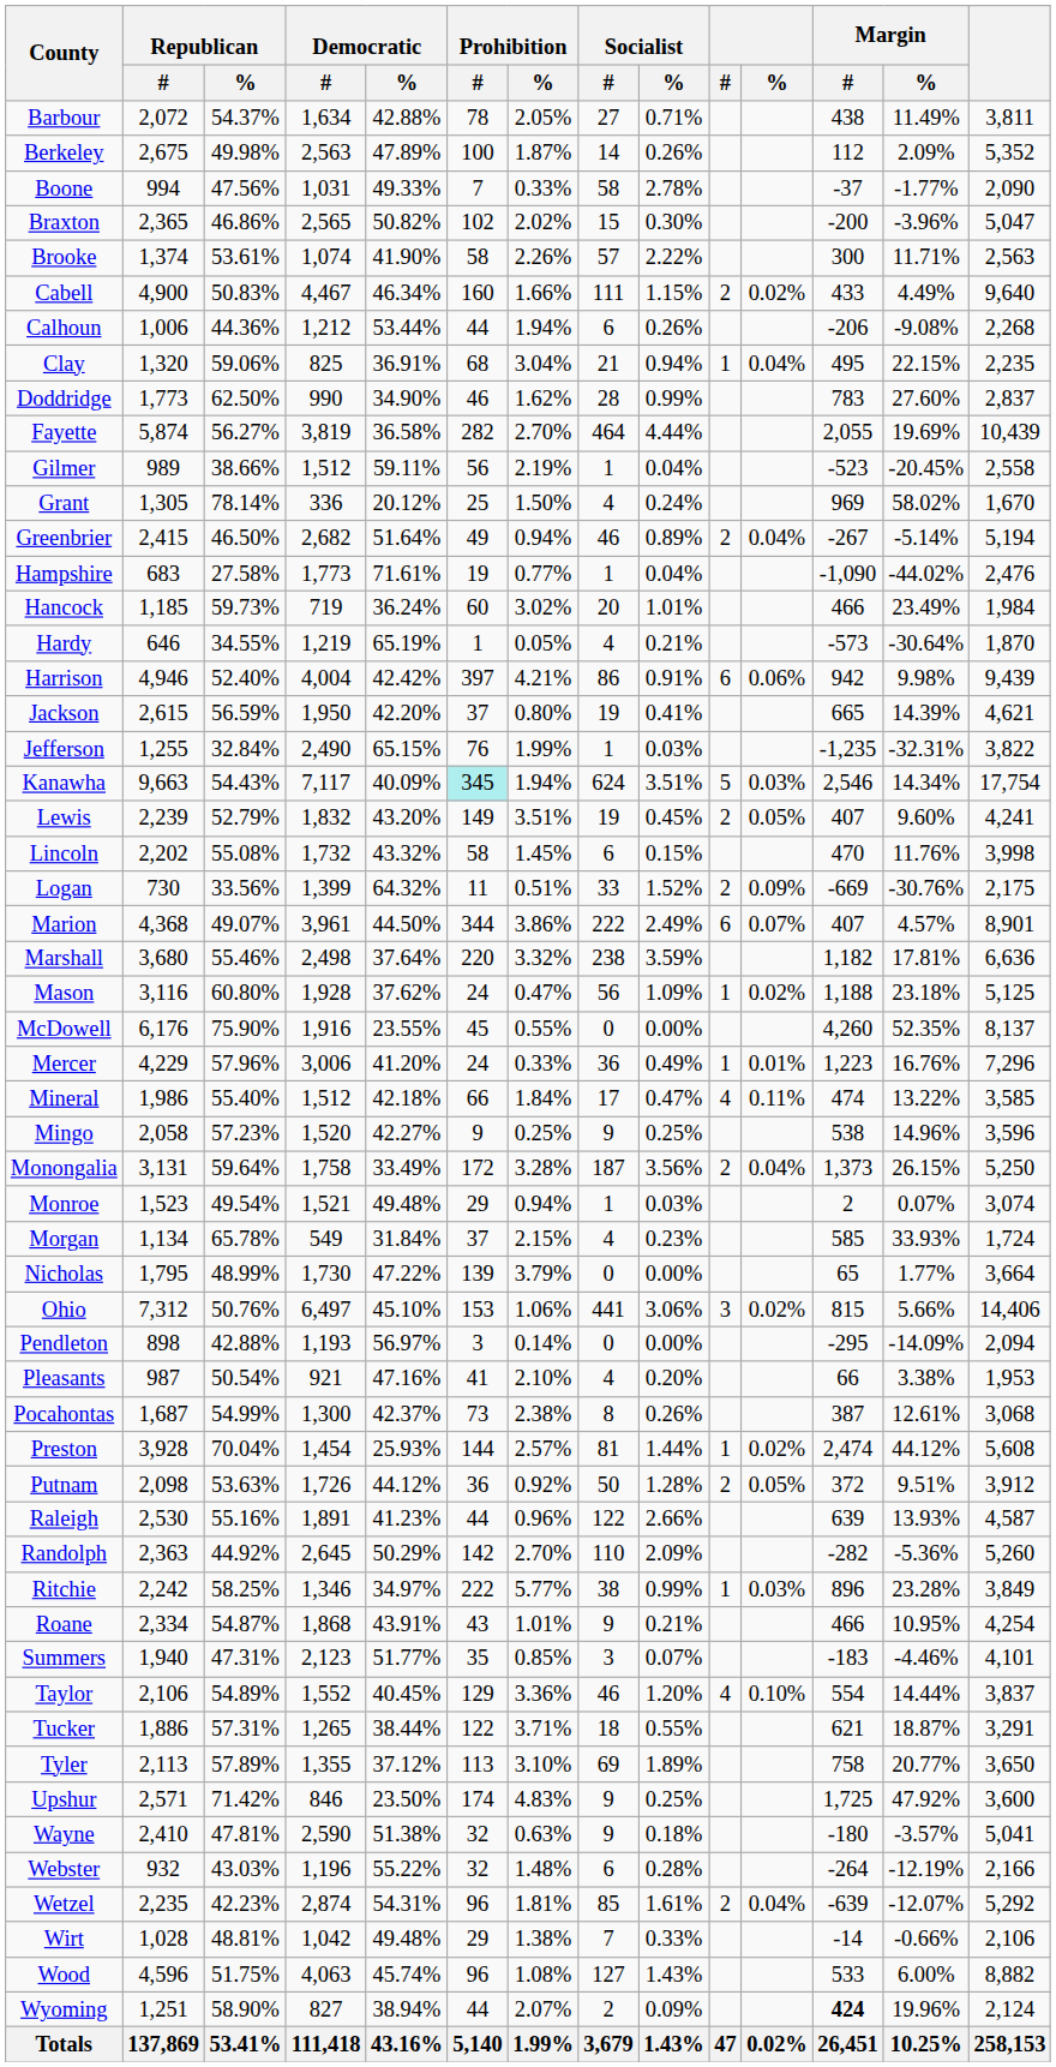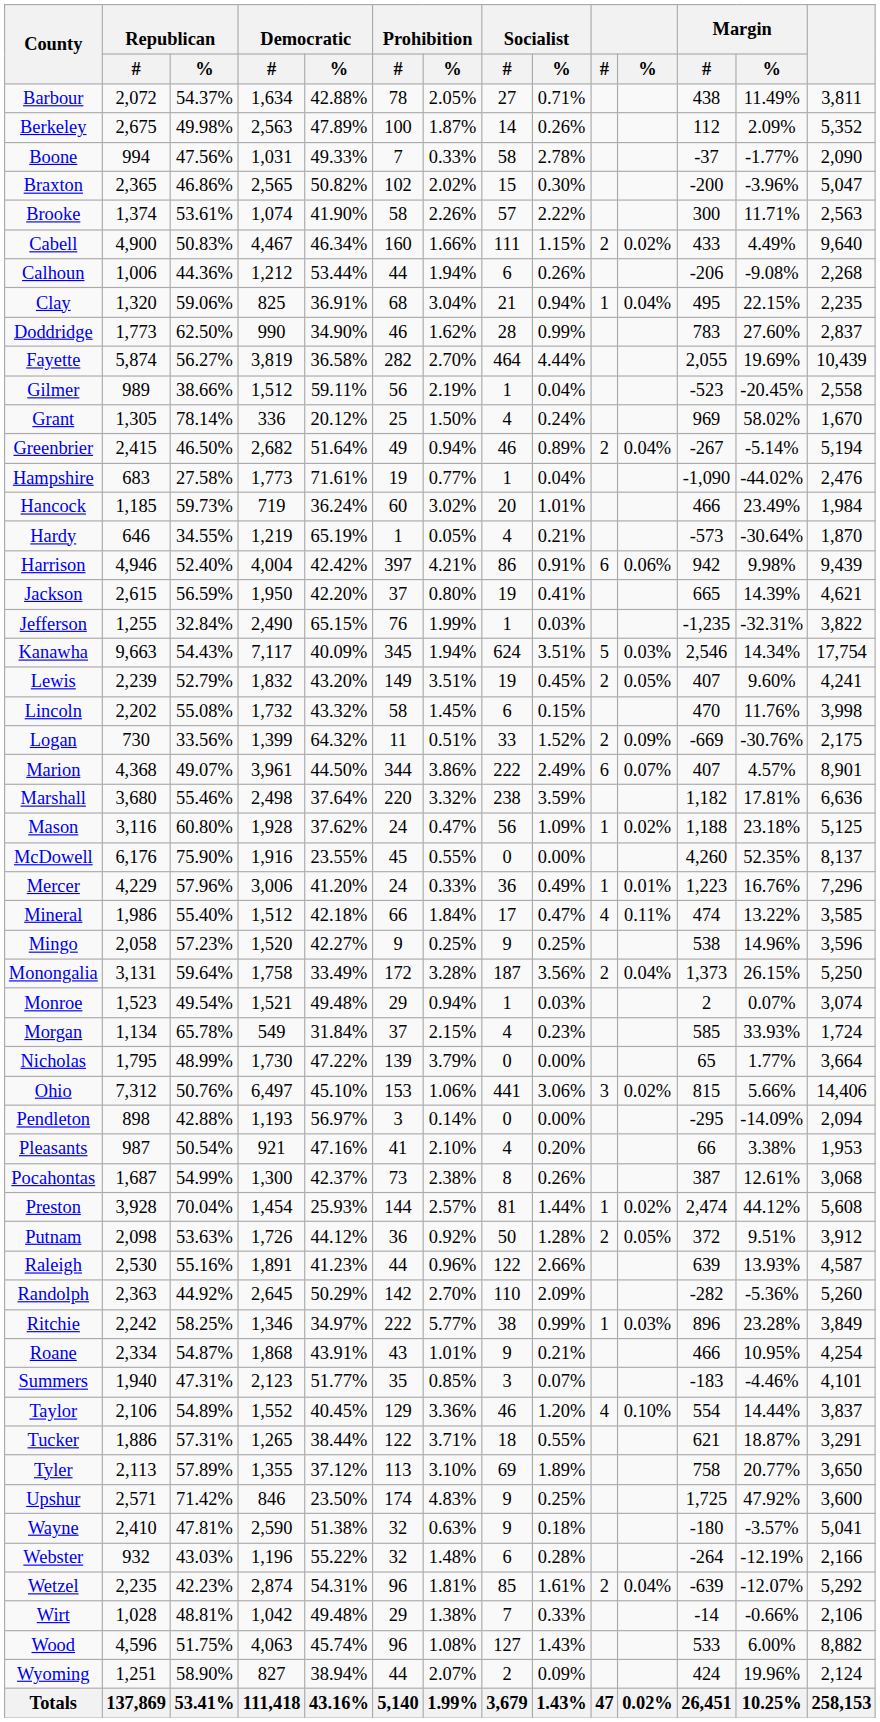 <table class="wikitable sortable mw-collapsible mw-collapsed">
 <tr>
 <th rowspan="2">County</th>
 <th colspan="2"><br>Republican</th>
 <th colspan="2"><br>Democratic</th>
 <th colspan="2"><br>Prohibition</th>
 <th colspan="2"><br>Socialist</th>
 <th colspan="2"><br></th>
 <th colspan="2">Margin</th>
 <th rowspan="2"></th>
 </tr>
 <tr>
 <th data-sort-type="number">#</th>
 <th data-sort-type="number">%</th>
 <th data-sort-type="number">#</th>
 <th data-sort-type="number">%</th>
 <th data-sort-type="number">#</th>
 <th data-sort-type="number">%</th>
 <th data-sort-type="number">#</th>
 <th data-sort-type="number">%</th>
 <th data-sort-type="number">#</th>
 <th data-sort-type="number">%</th>
 <th data-sort-type="number">#</th>
 <th data-sort-type="number">%</th>
 </tr>
 <tr style="text-align:center;">
 <td><a href='#'>Barbour</a></td>
 <td>2,072</td>
 <td>54.37%</td>
 <td>1,634</td>
 <td>42.88%</td>
 <td>78</td>
 <td>2.05%</td>
 <td>27</td>
 <td>0.71%</td>
 <td></td>
 <td></td>
 <td>438</td>
 <td>11.49%</td>
 <td>3,811</td>
 </tr>
 <tr style="text-align:center;">
 <td><a href='#'>Berkeley</a></td>
 <td>2,675</td>
 <td>49.98%</td>
 <td>2,563</td>
 <td>47.89%</td>
 <td>100</td>
 <td>1.87%</td>
 <td>14</td>
 <td>0.26%</td>
 <td></td>
 <td></td>
 <td>112</td>
 <td>2.09%</td>
 <td>5,352</td>
 </tr>
 <tr style="text-align:center;">
 <td><a href='#'>Boone</a></td>
 <td>994</td>
 <td>47.56%</td>
 <td>1,031</td>
 <td>49.33%</td>
 <td>7</td>
 <td>0.33%</td>
 <td>58</td>
 <td>2.78%</td>
 <td></td>
 <td></td>
 <td>-37</td>
 <td>-1.77%</td>
 <td>2,090</td>
 </tr>
 <tr style="text-align:center;">
 <td><a href='#'>Braxton</a></td>
 <td>2,365</td>
 <td>46.86%</td>
 <td>2,565</td>
 <td>50.82%</td>
 <td>102</td>
 <td>2.02%</td>
 <td>15</td>
 <td>0.30%</td>
 <td></td>
 <td></td>
 <td>-200</td>
 <td>-3.96%</td>
 <td>5,047</td>
 </tr>
 <tr style="text-align:center;">
 <td><a href='#'>Brooke</a></td>
 <td>1,374</td>
 <td>53.61%</td>
 <td>1,074</td>
 <td>41.90%</td>
 <td>58</td>
 <td>2.26%</td>
 <td>57</td>
 <td>2.22%</td>
 <td></td>
 <td></td>
 <td>300</td>
 <td>11.71%</td>
 <td>2,563</td>
 </tr>
 <tr style="text-align:center;">
 <td><a href='#'>Cabell</a></td>
 <td>4,900</td>
 <td>50.83%</td>
 <td>4,467</td>
 <td>46.34%</td>
 <td>160</td>
 <td>1.66%</td>
 <td>111</td>
 <td>1.15%</td>
 <td>2</td>
 <td>0.02%</td>
 <td>433</td>
 <td>4.49%</td>
 <td>9,640</td>
 </tr>
 <tr style="text-align:center;">
 <td><a href='#'>Calhoun</a></td>
 <td>1,006</td>
 <td>44.36%</td>
 <td>1,212</td>
 <td>53.44%</td>
 <td>44</td>
 <td>1.94%</td>
 <td>6</td>
 <td>0.26%</td>
 <td></td>
 <td></td>
 <td>-206</td>
 <td>-9.08%</td>
 <td>2,268</td>
 </tr>
 <tr style="text-align:center;">
 <td><a href='#'>Clay</a></td>
 <td>1,320</td>
 <td>59.06%</td>
 <td>825</td>
 <td>36.91%</td>
 <td>68</td>
 <td>3.04%</td>
 <td>21</td>
 <td>0.94%</td>
 <td>1</td>
 <td>0.04%</td>
 <td>495</td>
 <td>22.15%</td>
 <td>2,235</td>
 </tr>
 <tr style="text-align:center;">
 <td><a href='#'>Doddridge</a></td>
 <td>1,773</td>
 <td>62.50%</td>
 <td>990</td>
 <td>34.90%</td>
 <td>46</td>
 <td>1.62%</td>
 <td>28</td>
 <td>0.99%</td>
 <td></td>
 <td></td>
 <td>783</td>
 <td>27.60%</td>
 <td>2,837</td>
 </tr>
 <tr style="text-align:center;">
 <td><a href='#'>Fayette</a></td>
 <td>5,874</td>
 <td>56.27%</td>
 <td>3,819</td>
 <td>36.58%</td>
 <td>282</td>
 <td>2.70%</td>
 <td>464</td>
 <td>4.44%</td>
 <td></td>
 <td></td>
 <td>2,055</td>
 <td>19.69%</td>
 <td>10,439</td>
 </tr>
 <tr style="text-align:center;">
 <td><a href='#'>Gilmer</a></td>
 <td>989</td>
 <td>38.66%</td>
 <td>1,512</td>
 <td>59.11%</td>
 <td>56</td>
 <td>2.19%</td>
 <td>1</td>
 <td>0.04%</td>
 <td></td>
 <td></td>
 <td>-523</td>
 <td>-20.45%</td>
 <td>2,558</td>
 </tr>
 <tr style="text-align:center;">
 <td><a href='#'>Grant</a></td>
 <td>1,305</td>
 <td>78.14%</td>
 <td>336</td>
 <td>20.12%</td>
 <td>25</td>
 <td>1.50%</td>
 <td>4</td>
 <td>0.24%</td>
 <td></td>
 <td></td>
 <td>969</td>
 <td>58.02%</td>
 <td>1,670</td>
 </tr>
 <tr style="text-align:center;">
 <td><a href='#'>Greenbrier</a></td>
 <td>2,415</td>
 <td>46.50%</td>
 <td>2,682</td>
 <td>51.64%</td>
 <td>49</td>
 <td>0.94%</td>
 <td>46</td>
 <td>0.89%</td>
 <td>2</td>
 <td>0.04%</td>
 <td>-267</td>
 <td>-5.14%</td>
 <td>5,194</td>
 </tr>
 <tr style="text-align:center;">
 <td><a href='#'>Hampshire</a></td>
 <td>683</td>
 <td>27.58%</td>
 <td>1,773</td>
 <td>71.61%</td>
 <td>19</td>
 <td>0.77%</td>
 <td>1</td>
 <td>0.04%</td>
 <td></td>
 <td></td>
 <td>-1,090</td>
 <td>-44.02%</td>
 <td>2,476</td>
 </tr>
 <tr style="text-align:center;">
 <td><a href='#'>Hancock</a></td>
 <td>1,185</td>
 <td>59.73%</td>
 <td>719</td>
 <td>36.24%</td>
 <td>60</td>
 <td>3.02%</td>
 <td>20</td>
 <td>1.01%</td>
 <td></td>
 <td></td>
 <td>466</td>
 <td>23.49%</td>
 <td>1,984</td>
 </tr>
 <tr style="text-align:center;">
 <td><a href='#'>Hardy</a></td>
 <td>646</td>
 <td>34.55%</td>
 <td>1,219</td>
 <td>65.19%</td>
 <td>1</td>
 <td>0.05%</td>
 <td>4</td>
 <td>0.21%</td>
 <td></td>
 <td></td>
 <td>-573</td>
 <td>-30.64%</td>
 <td>1,870</td>
 </tr>
 <tr style="text-align:center;">
 <td><a href='#'>Harrison</a></td>
 <td>4,946</td>
 <td>52.40%</td>
 <td>4,004</td>
 <td>42.42%</td>
 <td>397</td>
 <td>4.21%</td>
 <td>86</td>
 <td>0.91%</td>
 <td>6</td>
 <td>0.06%</td>
 <td>942</td>
 <td>9.98%</td>
 <td>9,439</td>
 </tr>
 <tr style="text-align:center;">
 <td><a href='#'>Jackson</a></td>
 <td>2,615</td>
 <td>56.59%</td>
 <td>1,950</td>
 <td>42.20%</td>
 <td>37</td>
 <td>0.80%</td>
 <td>19</td>
 <td>0.41%</td>
 <td></td>
 <td></td>
 <td>665</td>
 <td>14.39%</td>
 <td>4,621</td>
 </tr>
 <tr style="text-align:center;">
 <td><a href='#'>Jefferson</a></td>
 <td>1,255</td>
 <td>32.84%</td>
 <td>2,490</td>
 <td>65.15%</td>
 <td>76</td>
 <td>1.99%</td>
 <td>1</td>
 <td>0.03%</td>
 <td></td>
 <td></td>
 <td>-1,235</td>
 <td>-32.31%</td>
 <td>3,822</td>
 </tr>
 <tr style="text-align:center;">
 <td><a href='#'>Kanawha</a></td>
 <td>9,663</td>
 <td>54.43%</td>
 <td>7,117</td>
 <td>40.09%</td>
-<td style="background: paleturquoise;">345</td>
+<td>345</td>
 <td>1.94%</td>
 <td>624</td>
 <td>3.51%</td>
 <td>5</td>
 <td>0.03%</td>
 <td>2,546</td>
 <td>14.34%</td>
 <td>17,754</td>
 </tr>
 <tr style="text-align:center;">
 <td><a href='#'>Lewis</a></td>
 <td>2,239</td>
 <td>52.79%</td>
 <td>1,832</td>
 <td>43.20%</td>
 <td>149</td>
 <td>3.51%</td>
 <td>19</td>
 <td>0.45%</td>
 <td>2</td>
 <td>0.05%</td>
 <td>407</td>
 <td>9.60%</td>
 <td>4,241</td>
 </tr>
 <tr style="text-align:center;">
 <td><a href='#'>Lincoln</a></td>
 <td>2,202</td>
 <td>55.08%</td>
 <td>1,732</td>
 <td>43.32%</td>
 <td>58</td>
 <td>1.45%</td>
 <td>6</td>
 <td>0.15%</td>
 <td></td>
 <td></td>
 <td>470</td>
 <td>11.76%</td>
 <td>3,998</td>
 </tr>
 <tr style="text-align:center;">
 <td><a href='#'>Logan</a></td>
 <td>730</td>
 <td>33.56%</td>
 <td>1,399</td>
 <td>64.32%</td>
 <td>11</td>
 <td>0.51%</td>
 <td>33</td>
 <td>1.52%</td>
 <td>2</td>
 <td>0.09%</td>
 <td>-669</td>
 <td>-30.76%</td>
 <td>2,175</td>
 </tr>
 <tr style="text-align:center;">
 <td><a href='#'>Marion</a></td>
 <td>4,368</td>
 <td>49.07%</td>
 <td>3,961</td>
 <td>44.50%</td>
 <td>344</td>
 <td>3.86%</td>
 <td>222</td>
 <td>2.49%</td>
 <td>6</td>
 <td>0.07%</td>
 <td>407</td>
 <td>4.57%</td>
 <td>8,901</td>
 </tr>
 <tr style="text-align:center;">
 <td><a href='#'>Marshall</a></td>
 <td>3,680</td>
 <td>55.46%</td>
 <td>2,498</td>
 <td>37.64%</td>
 <td>220</td>
 <td>3.32%</td>
 <td>238</td>
 <td>3.59%</td>
 <td></td>
 <td></td>
 <td>1,182</td>
 <td>17.81%</td>
 <td>6,636</td>
 </tr>
 <tr style="text-align:center;">
 <td><a href='#'>Mason</a></td>
 <td>3,116</td>
 <td>60.80%</td>
 <td>1,928</td>
 <td>37.62%</td>
 <td>24</td>
 <td>0.47%</td>
 <td>56</td>
 <td>1.09%</td>
 <td>1</td>
 <td>0.02%</td>
 <td>1,188</td>
 <td>23.18%</td>
 <td>5,125</td>
 </tr>
 <tr style="text-align:center;">
 <td><a href='#'>McDowell</a></td>
 <td>6,176</td>
 <td>75.90%</td>
 <td>1,916</td>
 <td>23.55%</td>
 <td>45</td>
 <td>0.55%</td>
 <td>0</td>
 <td>0.00%</td>
 <td></td>
 <td></td>
 <td>4,260</td>
 <td>52.35%</td>
 <td>8,137</td>
 </tr>
 <tr style="text-align:center;">
 <td><a href='#'>Mercer</a></td>
 <td>4,229</td>
 <td>57.96%</td>
 <td>3,006</td>
 <td>41.20%</td>
 <td>24</td>
 <td>0.33%</td>
 <td>36</td>
 <td>0.49%</td>
 <td>1</td>
 <td>0.01%</td>
 <td>1,223</td>
 <td>16.76%</td>
 <td>7,296</td>
 </tr>
 <tr style="text-align:center;">
 <td><a href='#'>Mineral</a></td>
 <td>1,986</td>
 <td>55.40%</td>
 <td>1,512</td>
 <td>42.18%</td>
 <td>66</td>
 <td>1.84%</td>
 <td>17</td>
 <td>0.47%</td>
 <td>4</td>
 <td>0.11%</td>
 <td>474</td>
 <td>13.22%</td>
 <td>3,585</td>
 </tr>
 <tr style="text-align:center;">
 <td><a href='#'>Mingo</a></td>
 <td>2,058</td>
 <td>57.23%</td>
 <td>1,520</td>
 <td>42.27%</td>
 <td>9</td>
 <td>0.25%</td>
 <td>9</td>
 <td>0.25%</td>
 <td></td>
 <td></td>
 <td>538</td>
 <td>14.96%</td>
 <td>3,596</td>
 </tr>
 <tr style="text-align:center;">
 <td><a href='#'>Monongalia</a></td>
 <td>3,131</td>
 <td>59.64%</td>
 <td>1,758</td>
 <td>33.49%</td>
 <td>172</td>
 <td>3.28%</td>
 <td>187</td>
 <td>3.56%</td>
 <td>2</td>
 <td>0.04%</td>
 <td>1,373</td>
 <td>26.15%</td>
 <td>5,250</td>
 </tr>
 <tr style="text-align:center;">
 <td><a href='#'>Monroe</a></td>
 <td>1,523</td>
 <td>49.54%</td>
 <td>1,521</td>
 <td>49.48%</td>
 <td>29</td>
 <td>0.94%</td>
 <td>1</td>
 <td>0.03%</td>
 <td></td>
 <td></td>
 <td>2</td>
 <td>0.07%</td>
 <td>3,074</td>
 </tr>
 <tr style="text-align:center;">
 <td><a href='#'>Morgan</a></td>
 <td>1,134</td>
 <td>65.78%</td>
 <td>549</td>
 <td>31.84%</td>
 <td>37</td>
 <td>2.15%</td>
 <td>4</td>
 <td>0.23%</td>
 <td></td>
 <td></td>
 <td>585</td>
 <td>33.93%</td>
 <td>1,724</td>
 </tr>
 <tr style="text-align:center;">
 <td><a href='#'>Nicholas</a></td>
 <td>1,795</td>
 <td>48.99%</td>
 <td>1,730</td>
 <td>47.22%</td>
 <td>139</td>
 <td>3.79%</td>
 <td>0</td>
 <td>0.00%</td>
 <td></td>
 <td></td>
 <td>65</td>
 <td>1.77%</td>
 <td>3,664</td>
 </tr>
 <tr style="text-align:center;">
 <td><a href='#'>Ohio</a></td>
 <td>7,312</td>
 <td>50.76%</td>
 <td>6,497</td>
 <td>45.10%</td>
 <td>153</td>
 <td>1.06%</td>
 <td>441</td>
 <td>3.06%</td>
 <td>3</td>
 <td>0.02%</td>
 <td>815</td>
 <td>5.66%</td>
 <td>14,406</td>
 </tr>
 <tr style="text-align:center;">
 <td><a href='#'>Pendleton</a></td>
 <td>898</td>
 <td>42.88%</td>
 <td>1,193</td>
 <td>56.97%</td>
 <td>3</td>
 <td>0.14%</td>
 <td>0</td>
 <td>0.00%</td>
 <td></td>
 <td></td>
 <td>-295</td>
 <td>-14.09%</td>
 <td>2,094</td>
 </tr>
 <tr style="text-align:center;">
 <td><a href='#'>Pleasants</a></td>
 <td>987</td>
 <td>50.54%</td>
 <td>921</td>
 <td>47.16%</td>
 <td>41</td>
 <td>2.10%</td>
 <td>4</td>
 <td>0.20%</td>
 <td></td>
 <td></td>
 <td>66</td>
 <td>3.38%</td>
 <td>1,953</td>
 </tr>
 <tr style="text-align:center;">
 <td><a href='#'>Pocahontas</a></td>
 <td>1,687</td>
 <td>54.99%</td>
 <td>1,300</td>
 <td>42.37%</td>
 <td>73</td>
 <td>2.38%</td>
 <td>8</td>
 <td>0.26%</td>
 <td></td>
 <td></td>
 <td>387</td>
 <td>12.61%</td>
 <td>3,068</td>
 </tr>
 <tr style="text-align:center;">
 <td><a href='#'>Preston</a></td>
 <td>3,928</td>
 <td>70.04%</td>
 <td>1,454</td>
 <td>25.93%</td>
 <td>144</td>
 <td>2.57%</td>
 <td>81</td>
 <td>1.44%</td>
 <td>1</td>
 <td>0.02%</td>
 <td>2,474</td>
 <td>44.12%</td>
 <td>5,608</td>
 </tr>
 <tr style="text-align:center;">
 <td><a href='#'>Putnam</a></td>
 <td>2,098</td>
 <td>53.63%</td>
 <td>1,726</td>
 <td>44.12%</td>
 <td>36</td>
 <td>0.92%</td>
 <td>50</td>
 <td>1.28%</td>
 <td>2</td>
 <td>0.05%</td>
 <td>372</td>
 <td>9.51%</td>
 <td>3,912</td>
 </tr>
 <tr style="text-align:center;">
 <td><a href='#'>Raleigh</a></td>
 <td>2,530</td>
 <td>55.16%</td>
 <td>1,891</td>
 <td>41.23%</td>
 <td>44</td>
 <td>0.96%</td>
 <td>122</td>
 <td>2.66%</td>
 <td></td>
 <td></td>
 <td>639</td>
 <td>13.93%</td>
 <td>4,587</td>
 </tr>
 <tr style="text-align:center;">
 <td><a href='#'>Randolph</a></td>
 <td>2,363</td>
 <td>44.92%</td>
 <td>2,645</td>
 <td>50.29%</td>
 <td>142</td>
 <td>2.70%</td>
 <td>110</td>
 <td>2.09%</td>
 <td></td>
 <td></td>
 <td>-282</td>
 <td>-5.36%</td>
 <td>5,260</td>
 </tr>
 <tr style="text-align:center;">
 <td><a href='#'>Ritchie</a></td>
 <td>2,242</td>
 <td>58.25%</td>
 <td>1,346</td>
 <td>34.97%</td>
 <td>222</td>
 <td>5.77%</td>
 <td>38</td>
 <td>0.99%</td>
 <td>1</td>
 <td>0.03%</td>
 <td>896</td>
 <td>23.28%</td>
 <td>3,849</td>
 </tr>
 <tr style="text-align:center;">
 <td><a href='#'>Roane</a></td>
 <td>2,334</td>
 <td>54.87%</td>
 <td>1,868</td>
 <td>43.91%</td>
 <td>43</td>
 <td>1.01%</td>
 <td>9</td>
 <td>0.21%</td>
 <td></td>
 <td></td>
 <td>466</td>
 <td>10.95%</td>
 <td>4,254</td>
 </tr>
 <tr style="text-align:center;">
 <td><a href='#'>Summers</a></td>
 <td>1,940</td>
 <td>47.31%</td>
 <td>2,123</td>
 <td>51.77%</td>
 <td>35</td>
 <td>0.85%</td>
 <td>3</td>
 <td>0.07%</td>
 <td></td>
 <td></td>
 <td>-183</td>
 <td>-4.46%</td>
 <td>4,101</td>
 </tr>
 <tr style="text-align:center;">
 <td><a href='#'>Taylor</a></td>
 <td>2,106</td>
 <td>54.89%</td>
 <td>1,552</td>
 <td>40.45%</td>
 <td>129</td>
 <td>3.36%</td>
 <td>46</td>
 <td>1.20%</td>
 <td>4</td>
 <td>0.10%</td>
 <td>554</td>
 <td>14.44%</td>
 <td>3,837</td>
 </tr>
 <tr style="text-align:center;">
 <td><a href='#'>Tucker</a></td>
 <td>1,886</td>
 <td>57.31%</td>
 <td>1,265</td>
 <td>38.44%</td>
 <td>122</td>
 <td>3.71%</td>
 <td>18</td>
 <td>0.55%</td>
 <td></td>
 <td></td>
 <td>621</td>
 <td>18.87%</td>
 <td>3,291</td>
 </tr>
 <tr style="text-align:center;">
 <td><a href='#'>Tyler</a></td>
 <td>2,113</td>
 <td>57.89%</td>
 <td>1,355</td>
 <td>37.12%</td>
 <td>113</td>
 <td>3.10%</td>
 <td>69</td>
 <td>1.89%</td>
 <td></td>
 <td></td>
 <td>758</td>
 <td>20.77%</td>
 <td>3,650</td>
 </tr>
 <tr style="text-align:center;">
 <td><a href='#'>Upshur</a></td>
 <td>2,571</td>
 <td>71.42%</td>
 <td>846</td>
 <td>23.50%</td>
 <td>174</td>
 <td>4.83%</td>
 <td>9</td>
 <td>0.25%</td>
 <td></td>
 <td></td>
 <td>1,725</td>
 <td>47.92%</td>
 <td>3,600</td>
 </tr>
 <tr style="text-align:center;">
 <td><a href='#'>Wayne</a></td>
 <td>2,410</td>
 <td>47.81%</td>
 <td>2,590</td>
 <td>51.38%</td>
 <td>32</td>
 <td>0.63%</td>
 <td>9</td>
 <td>0.18%</td>
 <td></td>
 <td></td>
 <td>-180</td>
 <td>-3.57%</td>
 <td>5,041</td>
 </tr>
 <tr style="text-align:center;">
 <td><a href='#'>Webster</a></td>
 <td>932</td>
 <td>43.03%</td>
 <td>1,196</td>
 <td>55.22%</td>
 <td>32</td>
 <td>1.48%</td>
 <td>6</td>
 <td>0.28%</td>
 <td></td>
 <td></td>
 <td>-264</td>
 <td>-12.19%</td>
 <td>2,166</td>
 </tr>
 <tr style="text-align:center;">
 <td><a href='#'>Wetzel</a></td>
 <td>2,235</td>
 <td>42.23%</td>
 <td>2,874</td>
 <td>54.31%</td>
 <td>96</td>
 <td>1.81%</td>
 <td>85</td>
 <td>1.61%</td>
 <td>2</td>
 <td>0.04%</td>
 <td>-639</td>
 <td>-12.07%</td>
 <td>5,292</td>
 </tr>
 <tr style="text-align:center;">
 <td><a href='#'>Wirt</a></td>
 <td>1,028</td>
 <td>48.81%</td>
 <td>1,042</td>
 <td>49.48%</td>
 <td>29</td>
 <td>1.38%</td>
 <td>7</td>
 <td>0.33%</td>
 <td></td>
 <td></td>
 <td>-14</td>
 <td>-0.66%</td>
 <td>2,106</td>
 </tr>
 <tr style="text-align:center;">
 <td><a href='#'>Wood</a></td>
 <td>4,596</td>
 <td>51.75%</td>
 <td>4,063</td>
 <td>45.74%</td>
 <td>96</td>
 <td>1.08%</td>
 <td>127</td>
 <td>1.43%</td>
 <td></td>
 <td></td>
 <td>533</td>
 <td>6.00%</td>
 <td>8,882</td>
 </tr>
 <tr style="text-align:center;">
 <td><a href='#'>Wyoming</a></td>
 <td>1,251</td>
 <td>58.90%</td>
 <td>827</td>
 <td>38.94%</td>
 <td>44</td>
 <td>2.07%</td>
 <td>2</td>
 <td>0.09%</td>
 <td></td>
 <td></td>
-<td><strong>424</strong></td>
+<td>424</td>
 <td>19.96%</td>
 <td>2,124</td>
 </tr>
 <tr style="text-align:center;">
 <th>Totals</th>
 <th>137,869</th>
 <th>53.41%</th>
 <th>111,418</th>
 <th>43.16%</th>
 <th>5,140</th>
 <th>1.99%</th>
 <th>3,679</th>
 <th>1.43%</th>
 <th>47</th>
 <th>0.02%</th>
 <th>26,451</th>
 <th>10.25%</th>
 <th>258,153</th>
 </tr>
 </table>
